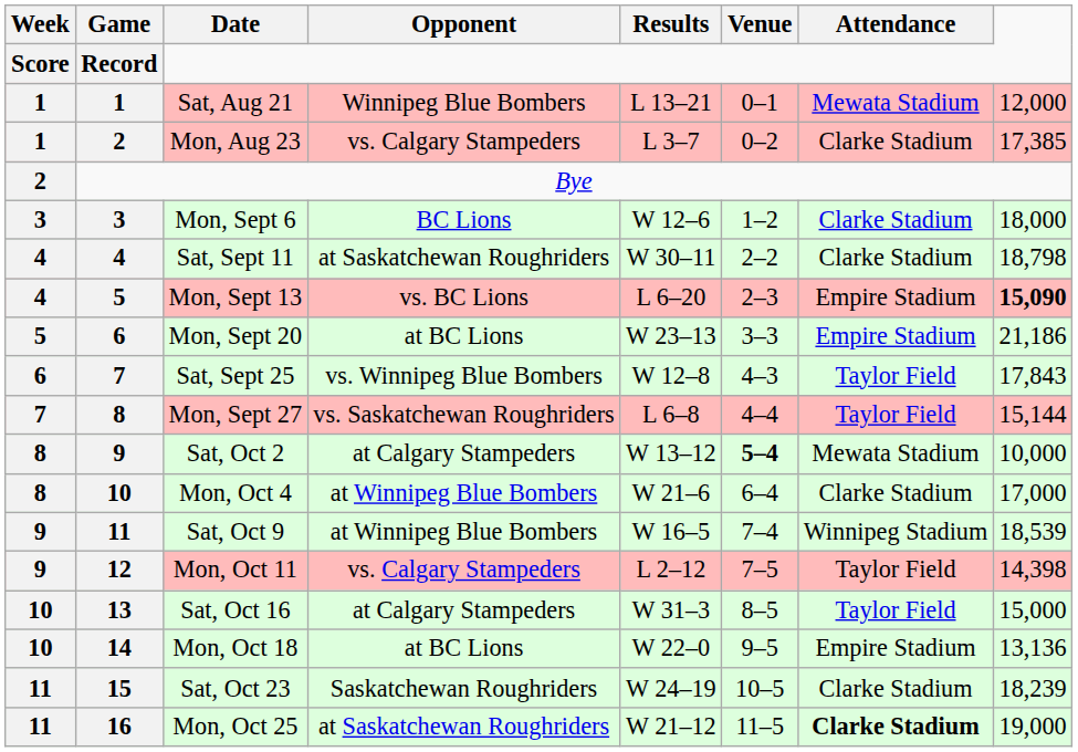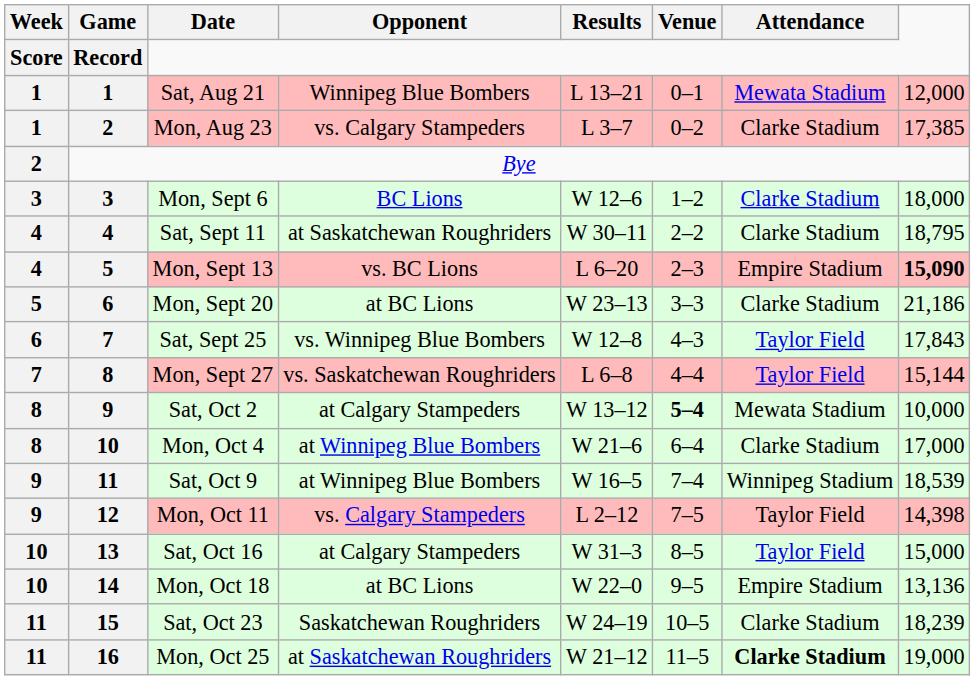 <table class="wikitable" style="text-align:center">
 <tr>
 <th>Week</th>
 <th>Game</th>
 <th>Date</th>
 <th>Opponent</th>
 <th>Results</th>
 <th>Venue</th>
 <th>Attendance</th>
 </tr>
 <tr>
 <th>Score</th>
 <th>Record</th>
 </tr>
 <tr style="background:#ffbbbb">
 <th>1</th>
 <th>1</th>
 <td>Sat, Aug 21</td>
 <td>Winnipeg Blue Bombers</td>
 <td>L 13–21</td>
 <td>0–1</td>
 <td><a href='#'>Mewata Stadium</a></td>
 <td>12,000</td>
 </tr>
 <tr style="background:#ffbbbb">
 <th>1</th>
 <th>2</th>
 <td>Mon, Aug 23</td>
 <td>vs. Calgary Stampeders</td>
 <td>L 3–7</td>
 <td>0–2</td>
 <td>Clarke Stadium</td>
 <td>17,385</td>
 </tr>
 <tr align="center">
 <th>2</th>
 <td colspan=7><em><a href='#'>Bye</a></em></td>
 </tr>
 <tr style="background:#ddffdd">
 <th>3</th>
 <th>3</th>
 <td>Mon, Sept 6</td>
 <td><a href='#'>BC Lions</a></td>
 <td>W 12–6</td>
 <td>1–2</td>
 <td><a href='#'>Clarke Stadium</a></td>
 <td>18,000</td>
 </tr>
 <tr style="background:#ddffdd">
 <th>4</th>
 <th>4</th>
 <td>Sat, Sept 11</td>
 <td>at Saskatchewan Roughriders</td>
 <td>W 30–11</td>
 <td>2–2</td>
 <td>Clarke Stadium</td>
-<td>18,798</td>
+<td>18,795</td>
 </tr>
 <tr style="background:#ffbbbb">
 <th>4</th>
 <th>5</th>
 <td>Mon, Sept 13</td>
 <td>vs. BC Lions</td>
 <td>L 6–20</td>
 <td>2–3</td>
 <td>Empire Stadium</td>
 <td><strong>15,090</strong></td>
 </tr>
 <tr style="background:#ddffdd">
 <th>5</th>
 <th>6</th>
 <td>Mon, Sept 20</td>
 <td>at BC Lions</td>
 <td>W 23–13</td>
 <td>3–3</td>
-<td><a href='#'>Empire Stadium</a></td>
+<td>Clarke Stadium</td>
 <td>21,186</td>
 </tr>
 <tr style="background:#ddffdd">
 <th>6</th>
 <th>7</th>
 <td>Sat, Sept 25</td>
 <td>vs. Winnipeg Blue Bombers</td>
 <td>W 12–8</td>
 <td>4–3</td>
 <td><a href='#'>Taylor Field</a></td>
 <td>17,843</td>
 </tr>
 <tr style="background:#ffbbbb">
 <th>7</th>
 <th>8</th>
 <td>Mon, Sept 27</td>
 <td>vs. Saskatchewan Roughriders</td>
 <td>L 6–8</td>
 <td>4–4</td>
 <td><a href='#'>Taylor Field</a></td>
 <td>15,144</td>
 </tr>
 <tr style="background:#ddffdd">
 <th>8</th>
 <th>9</th>
 <td>Sat, Oct 2</td>
 <td>at Calgary Stampeders</td>
 <td>W 13–12</td>
 <td><strong>5–4</strong></td>
 <td>Mewata Stadium</td>
 <td>10,000</td>
 </tr>
 <tr style="background:#ddffdd">
 <th>8</th>
 <th>10</th>
 <td>Mon, Oct 4</td>
 <td>at <a href='#'>Winnipeg Blue Bombers</a></td>
 <td>W 21–6</td>
 <td>6–4</td>
 <td>Clarke Stadium</td>
 <td>17,000</td>
 </tr>
 <tr style="background:#ddffdd">
 <th>9</th>
 <th>11</th>
 <td>Sat, Oct 9</td>
 <td>at Winnipeg Blue Bombers</td>
 <td>W 16–5</td>
 <td>7–4</td>
 <td>Winnipeg Stadium</td>
 <td>18,539</td>
 </tr>
 <tr style="background:#ffbbbb">
 <th>9</th>
 <th>12</th>
 <td>Mon, Oct 11</td>
 <td>vs. <a href='#'>Calgary Stampeders</a></td>
 <td>L 2–12</td>
 <td>7–5</td>
 <td>Taylor Field</td>
 <td>14,398</td>
 </tr>
 <tr style="background:#ddffdd">
 <th>10</th>
 <th>13</th>
 <td>Sat, Oct 16</td>
 <td>at Calgary Stampeders</td>
 <td>W 31–3</td>
 <td>8–5</td>
 <td><a href='#'>Taylor Field</a></td>
 <td>15,000</td>
 </tr>
 <tr style="background:#ddffdd">
 <th>10</th>
 <th>14</th>
 <td>Mon, Oct 18</td>
 <td>at BC Lions</td>
 <td>W 22–0</td>
 <td>9–5</td>
 <td>Empire Stadium</td>
 <td>13,136</td>
 </tr>
 <tr style="background:#ddffdd">
 <th>11</th>
 <th>15</th>
 <td>Sat, Oct 23</td>
 <td>Saskatchewan Roughriders</td>
 <td>W 24–19</td>
 <td>10–5</td>
 <td>Clarke Stadium</td>
 <td>18,239</td>
 </tr>
 <tr style="background:#ddffdd">
 <th>11</th>
 <th>16</th>
 <td>Mon, Oct 25</td>
 <td>at <a href='#'>Saskatchewan Roughriders</a></td>
 <td>W 21–12</td>
 <td>11–5</td>
 <td><strong>Clarke Stadium</strong></td>
 <td>19,000</td>
 </tr>
 </table>
